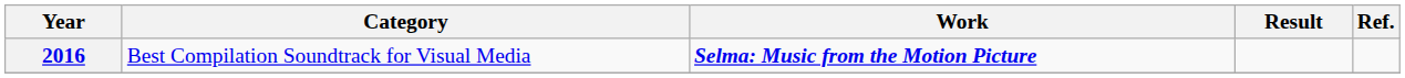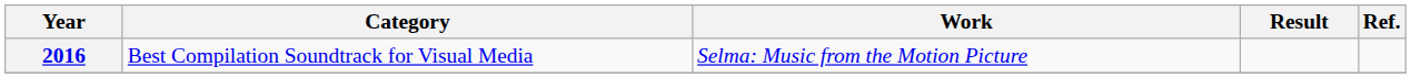 <table class=wikitable>
 <tr>
 <th scope="col" style="width:5em;">Year</th>
 <th scope="col" style="width:26em;">Category</th>
 <th scope="col" style="width:25em;">Work</th>
 <th scope="col" style="width:5em;">Result</th>
 <th>Ref.</th>
 </tr>
 <tr>
 <th scope="row"><a href='#'>2016</a></th>
 <td><a href='#'>Best Compilation Soundtrack for Visual Media</a></td>
-<td><strong><em><a href='#'>Selma: Music from the Motion Picture</a></em></strong></td>
+<td><em><a href='#'>Selma: Music from the Motion Picture</a></em></td>
 <td></td>
 <td></td>
 </tr>
 <tr>
 </tr>
 </table>
